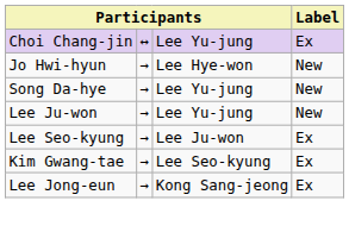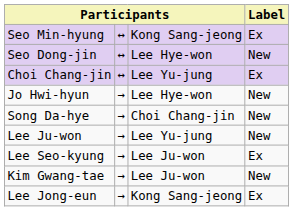 <table class="wikitable sortable" style="line-color:none">
 <tr style="background:#f5f5bc; font-weight:bold; text-align:center">
 <td colspan="3">Participants</td>
 <td>Label</td>
+</tr>
+<tr style="background:#E0CEF2;">
+<td>Seo Min-hyung</td>
+<td>↔</td>
+<td>Kong Sang-jeong</td>
+<td>Ex</td>
+</tr>
+<tr style="background:#E0CEF2;">
+<td>Seo Dong-jin</td>
+<td>↔</td>
+<td>Lee Hye-won</td>
+<td>New</td>
 </tr>
 <tr style="background:#E0CEF2;">
 <td>Choi Chang-jin</td>
 <td>↔</td>
 <td>Lee Yu-jung</td>
 <td>Ex</td>
 </tr>
 <tr>
 <td>Jo Hwi-hyun</td>
 <td>→</td>
 <td>Lee Hye-won</td>
 <td>New</td>
 </tr>
 <tr>
 <td>Song Da-hye</td>
 <td>→</td>
-<td>Lee Yu-jung</td>
+<td>Choi Chang-jin</td>
 <td>New</td>
 </tr>
 <tr>
 <td>Lee Ju-won</td>
 <td>→</td>
 <td>Lee Yu-jung</td>
 <td>New</td>
 </tr>
 <tr>
 <td>Lee Seo-kyung</td>
 <td>→</td>
 <td>Lee Ju-won</td>
 <td>Ex</td>
 </tr>
 <tr>
 <td>Kim Gwang-tae</td>
 <td>→</td>
-<td>Lee Seo-kyung</td>
-<td>Ex</td>
+<td>Lee Ju-won</td>
+<td>New</td>
 </tr>
 <tr>
 <td>Lee Jong-eun</td>
 <td>→</td>
 <td>Kong Sang-jeong</td>
 <td>Ex</td>
 </tr>
 </table>
